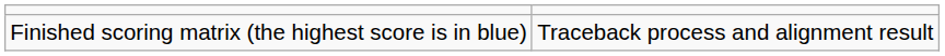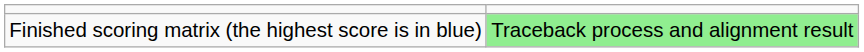 <table class="wikitable">
 <tr>
 <td></td>
 <td></td>
 </tr>
 <tr>
 <td>Finished scoring matrix (the highest score is in blue)</td>
-<td>Traceback process and alignment result</td>
+<td style="background: lightgreen;">Traceback process and alignment result</td>
 </tr>
 </table>
